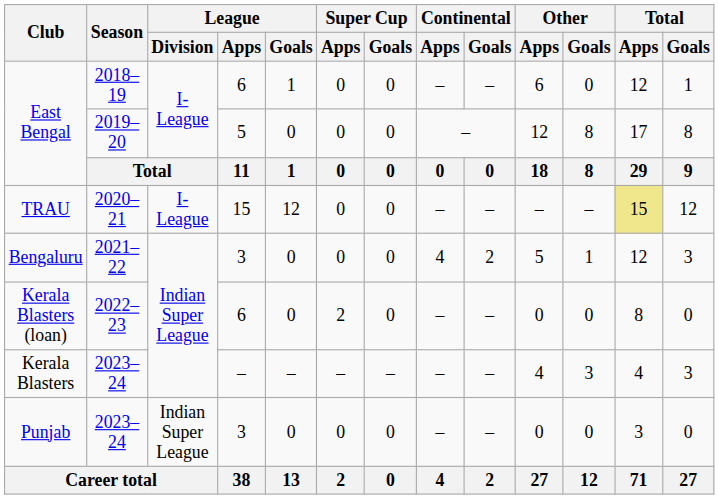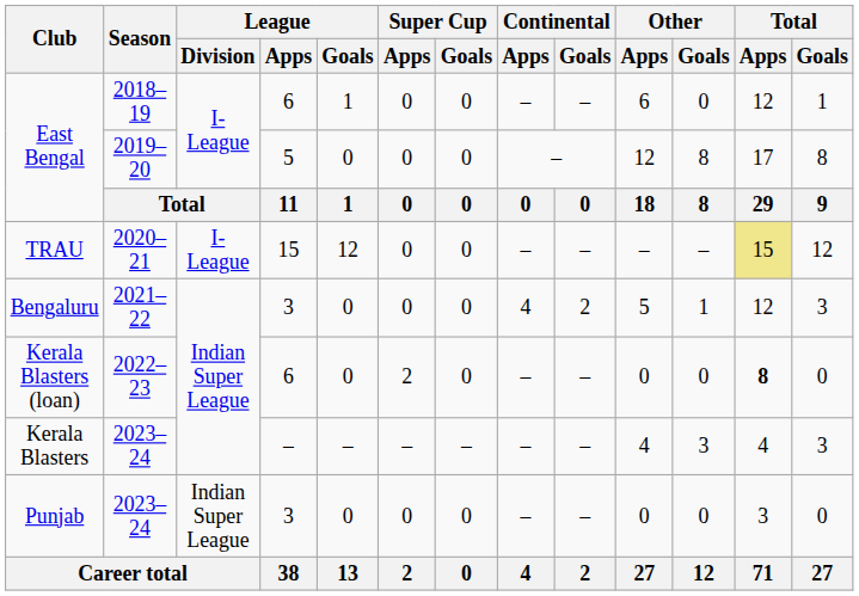 <table class="wikitable" style="text-align: center">
 <tr>
 <th rowspan="2">Club</th>
 <th rowspan="2">Season</th>
 <th colspan="3">League</th>
 <th colspan="2">Super Cup</th>
 <th colspan="2">Continental</th>
 <th colspan="2">Other</th>
 <th colspan="2">Total</th>
 </tr>
 <tr>
 <th>Division</th>
 <th>Apps</th>
 <th>Goals</th>
 <th>Apps</th>
 <th>Goals</th>
 <th>Apps</th>
 <th>Goals</th>
 <th>Apps</th>
 <th>Goals</th>
 <th>Apps</th>
 <th>Goals</th>
 </tr>
 <tr>
 <td rowspan="3"><a href='#'>East Bengal</a></td>
 <td><a href='#'>2018–19</a></td>
 <td rowspan="2"><a href='#'>I-League</a></td>
 <td>6</td>
 <td>1</td>
 <td>0</td>
 <td>0</td>
 <td>–</td>
 <td>–</td>
 <td>6</td>
 <td>0</td>
 <td>12</td>
 <td>1</td>
 </tr>
 <tr>
 <td><a href='#'>2019–20</a></td>
 <td>5</td>
 <td>0</td>
 <td>0</td>
 <td>0</td>
 <td colspan="2">–</td>
 <td>12</td>
 <td>8</td>
 <td>17</td>
 <td>8</td>
 </tr>
 <tr>
 <th colspan="2">Total</th>
 <th>11</th>
 <th>1</th>
 <th>0</th>
 <th>0</th>
 <th>0</th>
 <th>0</th>
 <th>18</th>
 <th>8</th>
 <th>29</th>
 <th>9</th>
 </tr>
 <tr>
 <td><a href='#'>TRAU</a></td>
 <td><a href='#'>2020–21</a></td>
 <td><a href='#'>I-League</a></td>
 <td>15</td>
 <td>12</td>
 <td>0</td>
 <td>0</td>
 <td>–</td>
 <td>–</td>
 <td>–</td>
 <td>–</td>
 <td style="background: khaki;">15</td>
 <td>12</td>
 </tr>
 <tr>
 <td rowspan="1"><a href='#'>Bengaluru</a></td>
 <td><a href='#'>2021–22</a></td>
 <td rowspan="3"><a href='#'>Indian Super League</a></td>
 <td>3</td>
 <td>0</td>
 <td>0</td>
 <td>0</td>
 <td>4</td>
 <td>2</td>
 <td>5</td>
 <td>1</td>
 <td>12</td>
 <td>3</td>
 </tr>
 <tr>
 <td><a href='#'>Kerala Blasters</a> (loan)</td>
 <td><a href='#'>2022–23</a></td>
 <td>6</td>
 <td>0</td>
 <td>2</td>
 <td>0</td>
 <td>–</td>
 <td>–</td>
 <td>0</td>
 <td>0</td>
-<td>8</td>
+<td><strong>8</strong></td>
 <td>0</td>
 </tr>
 <tr>
 <td>Kerala Blasters</td>
 <td><a href='#'>2023–24</a></td>
 <td>–</td>
 <td>–</td>
 <td>–</td>
 <td>–</td>
 <td>–</td>
 <td>–</td>
 <td>4</td>
 <td>3</td>
 <td>4</td>
 <td>3</td>
 </tr>
 <tr>
 <td rowspan="1"><a href='#'>Punjab</a></td>
 <td><a href='#'>2023–24</a></td>
 <td rowspan="1">Indian Super League</td>
 <td>3</td>
 <td>0</td>
 <td>0</td>
 <td>0</td>
 <td>–</td>
 <td>–</td>
 <td>0</td>
 <td>0</td>
 <td>3</td>
 <td>0</td>
 </tr>
 <tr>
 <th colspan="3">Career total</th>
 <th>38</th>
 <th>13</th>
 <th>2</th>
 <th>0</th>
 <th>4</th>
 <th>2</th>
 <th>27</th>
 <th>12</th>
 <th>71</th>
 <th>27</th>
 </tr>
 </table>
